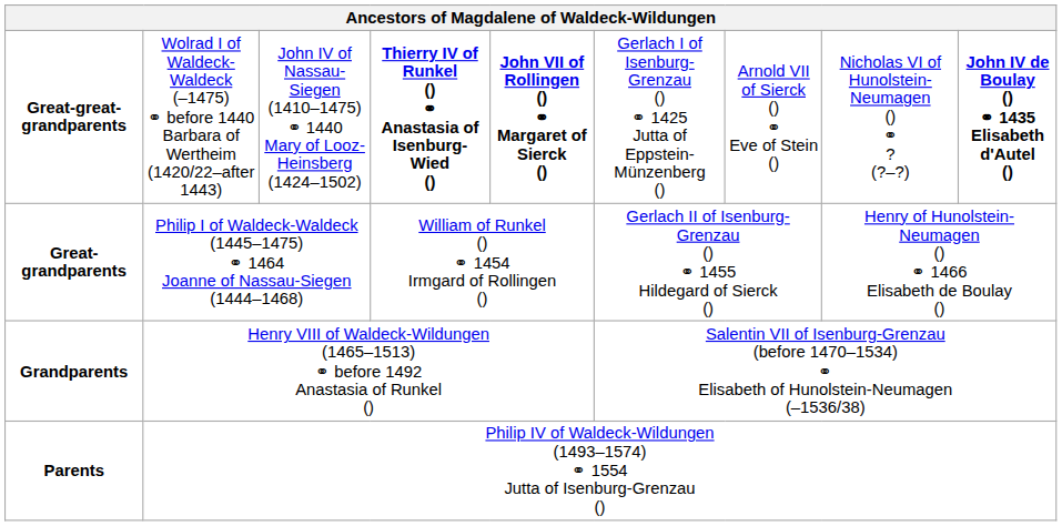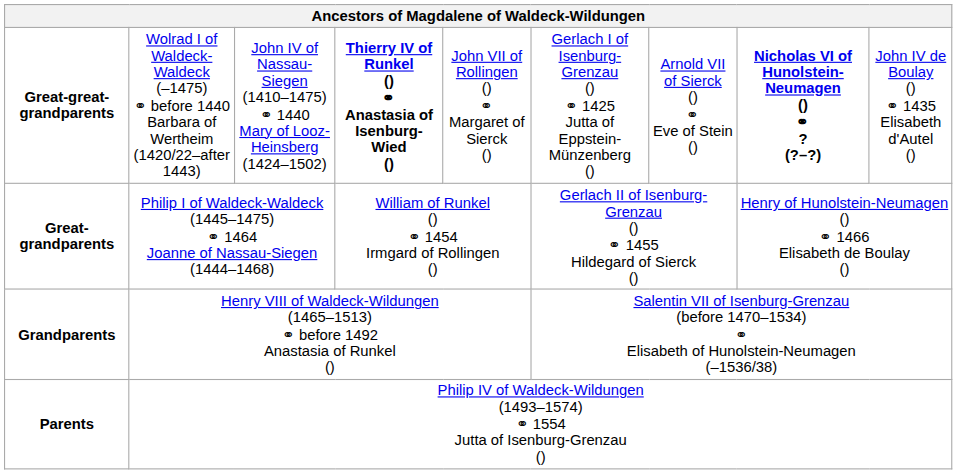 <table class="wikitable" style="background:#FFFFFF; font-size:85%; text-align:center">
 <tr bgcolor="#E0E0E0">
 <th colspan="9">Ancestors of Magdalene of Waldeck-Wildungen</th>
 </tr>
 <tr>
 <td><strong>Great-great-grandparents</strong></td>
 <td colspan="1"><a href='#'>Wolrad I of Waldeck-Waldeck</a><br>(–1475)<br>⚭ before 1440<br>Barbara of Wertheim<br>(1420/22–after 1443)</td>
 <td colspan="1"><a href='#'>John IV of Nassau-Siegen</a><br>(1410–1475)<br>⚭ 1440<br><a href='#'>Mary of Looz-Heinsberg</a><br>(1424–1502)</td>
 <td colspan="1"><strong><a href='#'>Thierry IV of Runkel</a><br>()<br>⚭<br>Anastasia of Isenburg-Wied<br>()</strong></td>
-<td colspan="1"><strong><a href='#'>John VII of Rollingen</a><br>()<br>⚭ <br>Margaret of Sierck<br>()</strong></td>
+<td colspan="1"><a href='#'>John VII of Rollingen</a><br>()<br>⚭ <br>Margaret of Sierck<br>()</td>
 <td colspan="1"><a href='#'>Gerlach I of Isenburg-Grenzau</a><br>()<br>⚭ 1425<br>Jutta of Eppstein-Münzenberg<br>()</td>
 <td colspan="1"><a href='#'>Arnold VII of Sierck</a><br>()<br>⚭<br>Eve of Stein<br>()</td>
-<td colspan="1"><a href='#'>Nicholas VI of Hunolstein-Neumagen</a><br>()<br>⚭<br>?<br>(?–?)</td>
-<td colspan="1"><strong><a href='#'>John IV de Boulay</a><br>()<br>⚭ 1435<br>Elisabeth d'Autel<br>()</strong></td>
+<td colspan="1"><strong><a href='#'>Nicholas VI of Hunolstein-Neumagen</a><br>()<br>⚭<br>?<br>(?–?)</strong></td>
+<td colspan="1"><a href='#'>John IV de Boulay</a><br>()<br>⚭ 1435<br>Elisabeth d'Autel<br>()</td>
 </tr>
 <tr>
 <td><strong>Great-grandparents</strong></td>
 <td colspan="2"><a href='#'>Philip I of Waldeck-Waldeck</a><br>(1445–1475)<br>⚭ 1464<br><a href='#'>Joanne of Nassau-Siegen</a><br>(1444–1468)</td>
 <td colspan="2"><a href='#'>William of Runkel</a><br>()<br>⚭ 1454<br>Irmgard of Rollingen<br>()</td>
 <td colspan="2"><a href='#'>Gerlach II of Isenburg-Grenzau</a><br>()<br>⚭ 1455<br>Hildegard of Sierck<br>()</td>
 <td colspan="2"><a href='#'>Henry of Hunolstein-Neumagen</a><br>()<br>⚭ 1466<br>Elisabeth de Boulay<br>()</td>
 </tr>
 <tr>
 <td><strong>Grandparents</strong></td>
 <td colspan="4"><a href='#'>Henry VIII of Waldeck-Wildungen</a><br>(1465–1513)<br>⚭ before 1492<br>Anastasia of Runkel<br>()</td>
 <td colspan="4"><a href='#'>Salentin VII of Isenburg-Grenzau</a><br>(before 1470–1534)<br>⚭<br>Elisabeth of Hunolstein-Neumagen<br>(–1536/38)</td>
 </tr>
 <tr>
 <td><strong>Parents</strong></td>
 <td colspan="8"><a href='#'>Philip IV of Waldeck-Wildungen</a><br>(1493–1574)<br>⚭ 1554<br>Jutta of Isenburg-Grenzau<br>()</td>
 </tr>
 </table>
